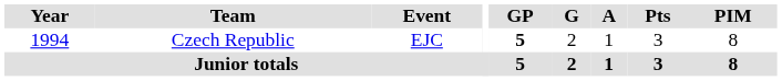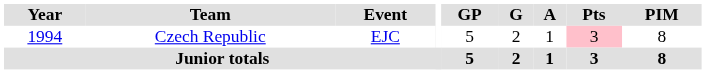 <table border="0" cellpadding="1" cellspacing="0" ID="Table3" style="text-align:center; width:40em">
 <tr bgcolor="#e0e0e0">
 <th>Year</th>
 <th>Team</th>
 <th>Event</th>
 <th rowspan="102" bgcolor="#ffffff"></th>
 <th>GP</th>
 <th>G</th>
 <th>A</th>
 <th>Pts</th>
 <th>PIM</th>
 </tr>
 <tr>
 <td><a href='#'>1994</a></td>
 <td><a href='#'>Czech Republic</a></td>
 <td><a href='#'>EJC</a></td>
-<td><strong>5</strong></td>
+<td>5</td>
 <td>2</td>
 <td>1</td>
-<td>3</td>
+<td style="background: pink;">3</td>
 <td>8</td>
 </tr>
 <tr bgcolor="#e0e0e0">
 <th colspan="4">Junior totals</th>
 <th>5</th>
 <th>2</th>
 <th>1</th>
 <th>3</th>
 <th>8</th>
 </tr>
 </table>
